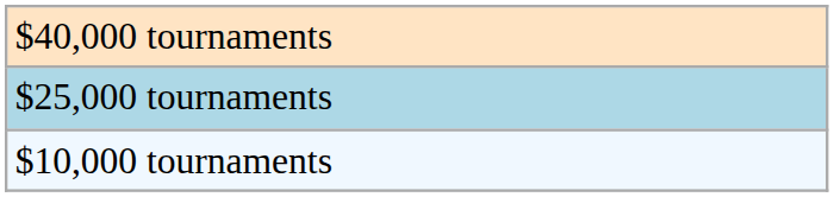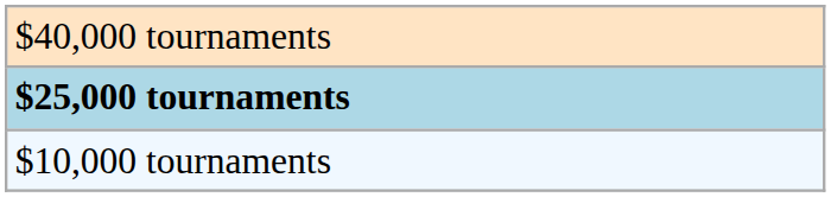 <table class="wikitable" style="font-size:85%;" width=15%>
 <tr style="background:#ffe4c4;">
 <td>$40,000 tournaments</td>
 </tr>
 <tr bgcolor="lightblue">
-<td>$25,000 tournaments</td>
+<td><strong>$25,000 tournaments</strong></td>
 </tr>
 <tr bgcolor="#f0f8ff">
 <td>$10,000 tournaments</td>
 </tr>
 </table>
